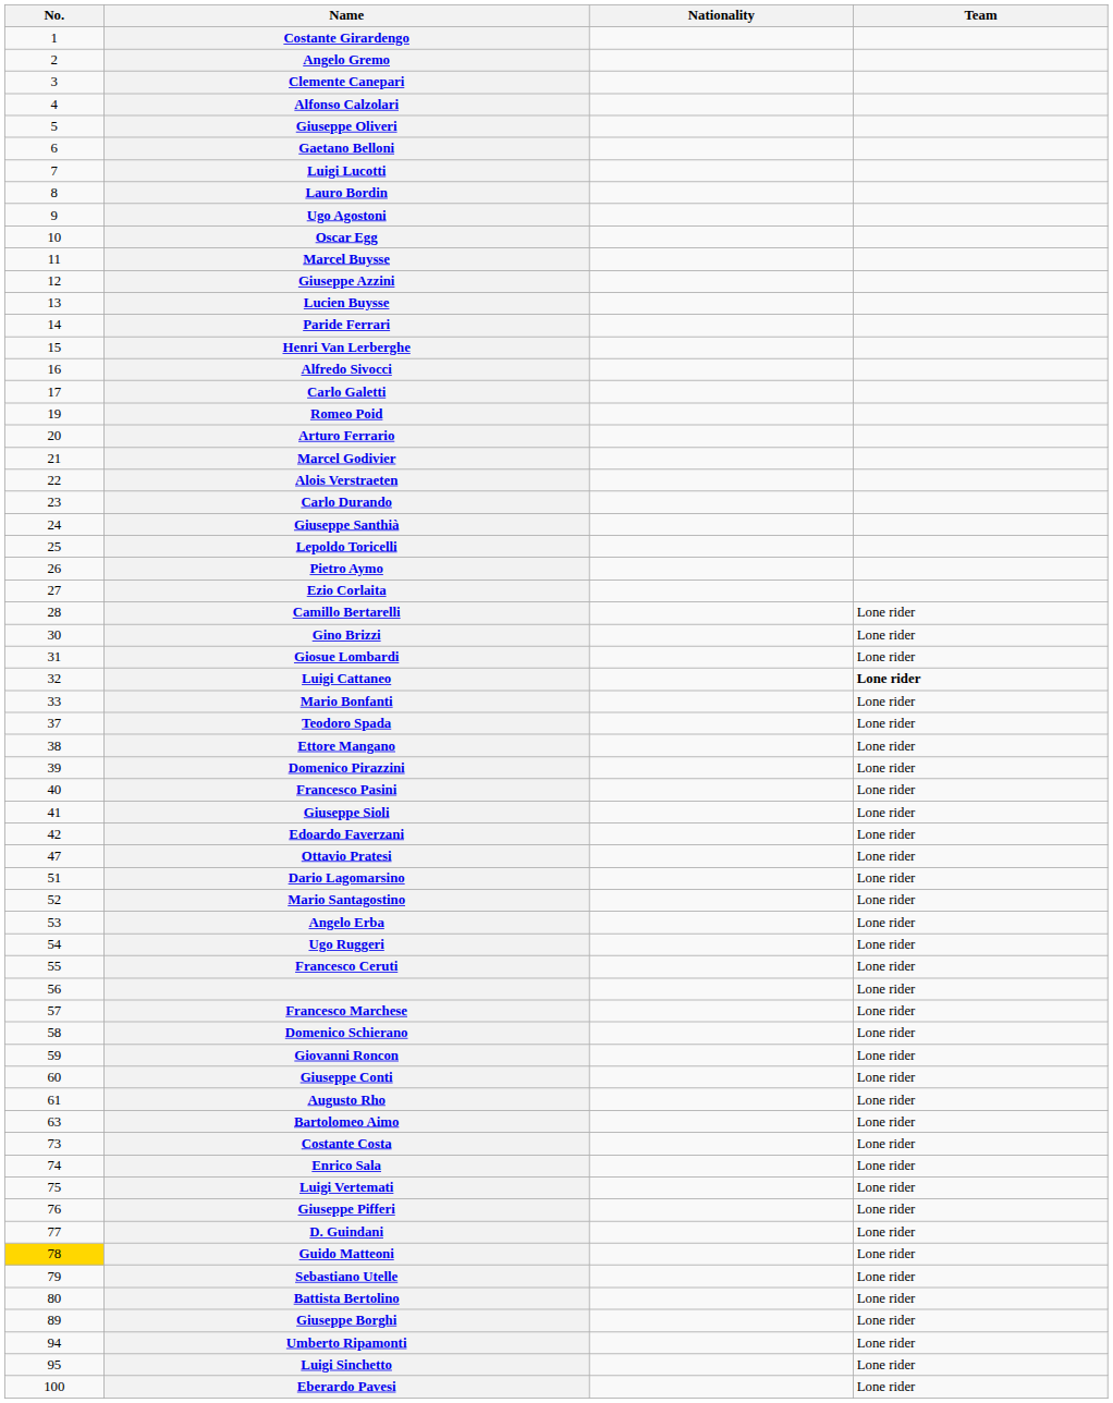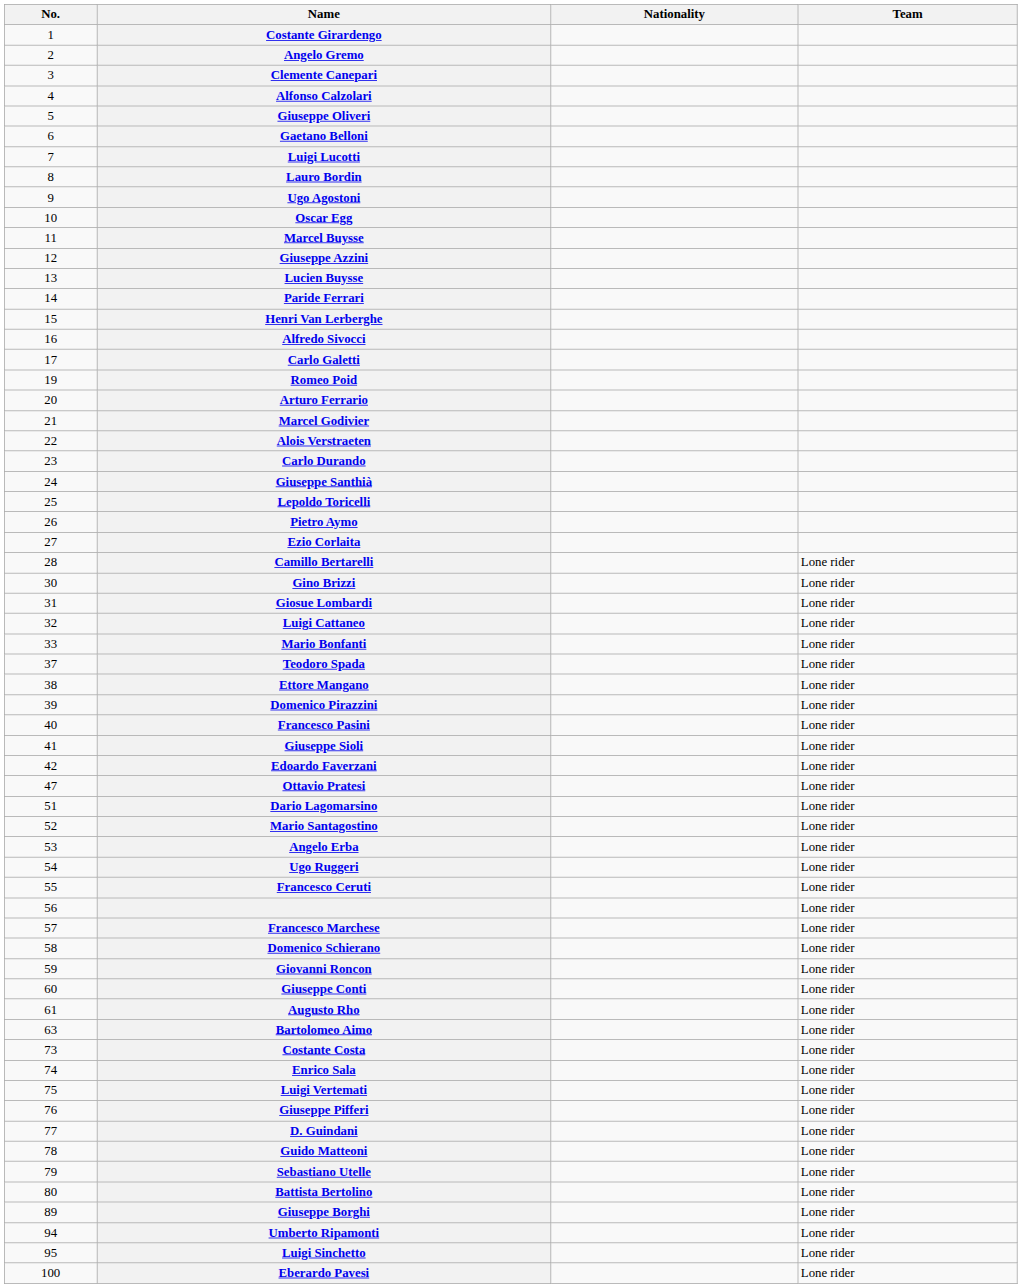 <table class="wikitable plainrowheaders sortable" style="width:80%">
 <tr>
 <th scope="col">No.</th>
 <th scope="col">Name</th>
 <th scope="col">Nationality</th>
 <th scope="col">Team</th>
 </tr>
 <tr>
 <td style="text-align:center;">1</td>
 <th scope="row"><a href='#'>Costante Girardengo</a></th>
 <td></td>
 <td></td>
 </tr>
 <tr>
 <td style="text-align:center;">2</td>
 <th scope="row"><a href='#'>Angelo Gremo</a></th>
 <td></td>
 <td></td>
 </tr>
 <tr>
 <td style="text-align:center;">3</td>
 <th scope="row"><a href='#'>Clemente Canepari</a></th>
 <td></td>
 <td></td>
 </tr>
 <tr>
 <td style="text-align:center;">4</td>
 <th scope="row"><a href='#'>Alfonso Calzolari</a></th>
 <td></td>
 <td></td>
 </tr>
 <tr>
 <td style="text-align:center;">5</td>
 <th scope="row"><a href='#'>Giuseppe Oliveri</a></th>
 <td></td>
 <td></td>
 </tr>
 <tr>
 <td style="text-align:center;">6</td>
 <th scope="row"><a href='#'>Gaetano Belloni</a></th>
 <td></td>
 <td></td>
 </tr>
 <tr>
 <td style="text-align:center;">7</td>
 <th scope="row"><a href='#'>Luigi Lucotti</a></th>
 <td></td>
 <td></td>
 </tr>
 <tr>
 <td style="text-align:center;">8</td>
 <th scope="row"><a href='#'>Lauro Bordin</a></th>
 <td></td>
 <td></td>
 </tr>
 <tr>
 <td style="text-align:center;">9</td>
 <th scope="row"><a href='#'>Ugo Agostoni</a></th>
 <td></td>
 <td></td>
 </tr>
 <tr>
 <td style="text-align:center;">10</td>
 <th scope="row"><a href='#'>Oscar Egg</a></th>
 <td></td>
 <td></td>
 </tr>
 <tr>
 <td style="text-align:center;">11</td>
 <th scope="row"><a href='#'>Marcel Buysse</a></th>
 <td></td>
 <td></td>
 </tr>
 <tr>
 <td style="text-align:center;">12</td>
 <th scope="row"><a href='#'>Giuseppe Azzini</a></th>
 <td></td>
 <td></td>
 </tr>
 <tr>
 <td style="text-align:center;">13</td>
 <th scope="row"><a href='#'>Lucien Buysse</a></th>
 <td></td>
 <td></td>
 </tr>
 <tr>
 <td style="text-align:center;">14</td>
 <th scope="row"><a href='#'>Paride Ferrari</a></th>
 <td></td>
 <td></td>
 </tr>
 <tr>
 <td style="text-align:center;">15</td>
 <th scope="row"><a href='#'>Henri Van Lerberghe</a></th>
 <td></td>
 <td></td>
 </tr>
 <tr>
 <td style="text-align:center;">16</td>
 <th scope="row"><a href='#'>Alfredo Sivocci</a></th>
 <td></td>
 <td></td>
 </tr>
 <tr>
 <td style="text-align:center;">17</td>
 <th scope="row"><a href='#'>Carlo Galetti</a></th>
 <td></td>
 <td></td>
 </tr>
 <tr>
 <td style="text-align:center;">19</td>
 <th scope="row"><a href='#'>Romeo Poid</a></th>
 <td></td>
 <td></td>
 </tr>
 <tr>
 <td style="text-align:center;">20</td>
 <th scope="row"><a href='#'>Arturo Ferrario</a></th>
 <td></td>
 <td></td>
 </tr>
 <tr>
 <td style="text-align:center;">21</td>
 <th scope="row"><a href='#'>Marcel Godivier</a></th>
 <td></td>
 <td></td>
 </tr>
 <tr>
 <td style="text-align:center;">22</td>
 <th scope="row"><a href='#'>Alois Verstraeten</a></th>
 <td></td>
 <td></td>
 </tr>
 <tr>
 <td style="text-align:center;">23</td>
 <th scope="row"><a href='#'>Carlo Durando</a></th>
 <td></td>
 <td></td>
 </tr>
 <tr>
 <td style="text-align:center;">24</td>
 <th scope="row"><a href='#'>Giuseppe Santhià</a></th>
 <td></td>
 <td></td>
 </tr>
 <tr>
 <td style="text-align:center;">25</td>
 <th scope="row"><a href='#'>Lepoldo Toricelli</a></th>
 <td></td>
 <td></td>
 </tr>
 <tr>
 <td style="text-align:center;">26</td>
 <th scope="row"><a href='#'>Pietro Aymo</a></th>
 <td></td>
 <td></td>
 </tr>
 <tr>
 <td style="text-align:center;">27</td>
 <th scope="row"><a href='#'>Ezio Corlaita</a></th>
 <td></td>
 <td></td>
 </tr>
 <tr>
 <td style="text-align:center;">28</td>
 <th scope="row"><a href='#'>Camillo Bertarelli</a></th>
 <td></td>
 <td>Lone rider</td>
 </tr>
 <tr>
 <td style="text-align:center;">30</td>
 <th scope="row"><a href='#'>Gino Brizzi</a></th>
 <td></td>
 <td>Lone rider</td>
 </tr>
 <tr>
 <td style="text-align:center;">31</td>
 <th scope="row"><a href='#'>Giosue Lombardi</a></th>
 <td></td>
 <td>Lone rider</td>
 </tr>
 <tr>
 <td style="text-align:center;">32</td>
 <th scope="row"><a href='#'>Luigi Cattaneo</a></th>
 <td></td>
-<td><strong>Lone rider</strong></td>
+<td>Lone rider</td>
 </tr>
 <tr>
 <td style="text-align:center;">33</td>
 <th scope="row"><a href='#'>Mario Bonfanti</a></th>
 <td></td>
 <td>Lone rider</td>
 </tr>
 <tr>
 <td style="text-align:center;">37</td>
 <th scope="row"><a href='#'>Teodoro Spada</a></th>
 <td></td>
 <td>Lone rider</td>
 </tr>
 <tr>
 <td style="text-align:center;">38</td>
 <th scope="row"><a href='#'>Ettore Mangano</a></th>
 <td></td>
 <td>Lone rider</td>
 </tr>
 <tr>
 <td style="text-align:center;">39</td>
 <th scope="row"><a href='#'>Domenico Pirazzini</a></th>
 <td></td>
 <td>Lone rider</td>
 </tr>
 <tr>
 <td style="text-align:center;">40</td>
 <th scope="row"><a href='#'>Francesco Pasini</a></th>
 <td></td>
 <td>Lone rider</td>
 </tr>
 <tr>
 <td style="text-align:center;">41</td>
 <th scope="row"><a href='#'>Giuseppe Sioli</a></th>
 <td></td>
 <td>Lone rider</td>
 </tr>
 <tr>
 <td style="text-align:center;">42</td>
 <th scope="row"><a href='#'>Edoardo Faverzani</a></th>
 <td></td>
 <td>Lone rider</td>
 </tr>
 <tr>
 <td style="text-align:center;">47</td>
 <th scope="row"><a href='#'>Ottavio Pratesi</a></th>
 <td></td>
 <td>Lone rider</td>
 </tr>
 <tr>
 <td style="text-align:center;">51</td>
 <th scope="row"><a href='#'>Dario Lagomarsino</a></th>
 <td></td>
 <td>Lone rider</td>
 </tr>
 <tr>
 <td style="text-align:center;">52</td>
 <th scope="row"><a href='#'>Mario Santagostino</a></th>
 <td></td>
 <td>Lone rider</td>
 </tr>
 <tr>
 <td style="text-align:center;">53</td>
 <th scope="row"><a href='#'>Angelo Erba</a></th>
 <td></td>
 <td>Lone rider</td>
 </tr>
 <tr>
 <td style="text-align:center;">54</td>
 <th scope="row"><a href='#'>Ugo Ruggeri</a></th>
 <td></td>
 <td>Lone rider</td>
 </tr>
 <tr>
 <td style="text-align:center;">55</td>
 <th scope="row"><a href='#'>Francesco Ceruti</a></th>
 <td></td>
 <td>Lone rider</td>
 </tr>
 <tr>
 <td style="text-align:center;">56</td>
 <th scope="row"></th>
 <td></td>
 <td>Lone rider</td>
 </tr>
 <tr>
 <td style="text-align:center;">57</td>
 <th scope="row"><a href='#'>Francesco Marchese</a></th>
 <td></td>
 <td>Lone rider</td>
 </tr>
 <tr>
 <td style="text-align:center;">58</td>
 <th scope="row"><a href='#'>Domenico Schierano</a></th>
 <td></td>
 <td>Lone rider</td>
 </tr>
 <tr>
 <td style="text-align:center;">59</td>
 <th scope="row"><a href='#'>Giovanni Roncon</a></th>
 <td></td>
 <td>Lone rider</td>
 </tr>
 <tr>
 <td style="text-align:center;">60</td>
 <th scope="row"><a href='#'>Giuseppe Conti</a></th>
 <td></td>
 <td>Lone rider</td>
 </tr>
 <tr>
 <td style="text-align:center;">61</td>
 <th scope="row"><a href='#'>Augusto Rho</a></th>
 <td></td>
 <td>Lone rider</td>
 </tr>
 <tr>
 <td style="text-align:center;">63</td>
 <th scope="row"><a href='#'>Bartolomeo Aimo</a></th>
 <td></td>
 <td>Lone rider</td>
 </tr>
 <tr>
 <td style="text-align:center;">73</td>
 <th scope="row"><a href='#'>Costante Costa</a></th>
 <td></td>
 <td>Lone rider</td>
 </tr>
 <tr>
 <td style="text-align:center;">74</td>
 <th scope="row"><a href='#'>Enrico Sala</a></th>
 <td></td>
 <td>Lone rider</td>
 </tr>
 <tr>
 <td style="text-align:center;">75</td>
 <th scope="row"><a href='#'>Luigi Vertemati</a></th>
 <td></td>
 <td>Lone rider</td>
 </tr>
 <tr>
 <td style="text-align:center;">76</td>
 <th scope="row"><a href='#'>Giuseppe Pifferi</a></th>
 <td></td>
 <td>Lone rider</td>
 </tr>
 <tr>
 <td style="text-align:center;">77</td>
 <th scope="row"><a href='#'>D. Guindani</a></th>
 <td></td>
 <td>Lone rider</td>
 </tr>
 <tr>
-<td style="background: gold; text-align:center;">78</td>
+<td style="text-align:center;">78</td>
 <th scope="row"><a href='#'>Guido Matteoni</a></th>
 <td></td>
 <td>Lone rider</td>
 </tr>
 <tr>
 <td style="text-align:center;">79</td>
 <th scope="row"><a href='#'>Sebastiano Utelle</a></th>
 <td></td>
 <td>Lone rider</td>
 </tr>
 <tr>
 <td style="text-align:center;">80</td>
 <th scope="row"><a href='#'>Battista Bertolino</a></th>
 <td></td>
 <td>Lone rider</td>
 </tr>
 <tr>
 <td style="text-align:center;">89</td>
 <th scope="row"><a href='#'>Giuseppe Borghi</a></th>
 <td></td>
 <td>Lone rider</td>
 </tr>
 <tr>
 <td style="text-align:center;">94</td>
 <th scope="row"><a href='#'>Umberto Ripamonti</a></th>
 <td></td>
 <td>Lone rider</td>
 </tr>
 <tr>
 <td style="text-align:center;">95</td>
 <th scope="row"><a href='#'>Luigi Sinchetto</a></th>
 <td></td>
 <td>Lone rider</td>
 </tr>
 <tr>
 <td style="text-align:center;">100</td>
 <th scope="row"><a href='#'>Eberardo Pavesi</a></th>
 <td></td>
 <td>Lone rider</td>
 </tr>
 </table>
